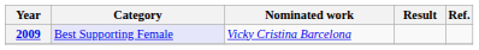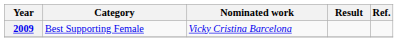 <table class=wikitable>
 <tr>
 <th scope="col" style="width:5em;">Year</th>
 <th scope="col" style="width:26em;">Category</th>
 <th scope="col" style="width:25em;">Nominated work</th>
 <th scope="col" style="width:5em;">Result</th>
 <th>Ref.</th>
 </tr>
 <tr>
 <th style="text-align:center;"><a href='#'>2009</a></th>
-<td style="background: lavender;"><a href='#'>Best Supporting Female</a></td>
+<td><a href='#'>Best Supporting Female</a></td>
 <td><em><a href='#'>Vicky Cristina Barcelona</a></em></td>
 <td></td>
 <td></td>
 </tr>
 <tr>
 </tr>
 </table>
